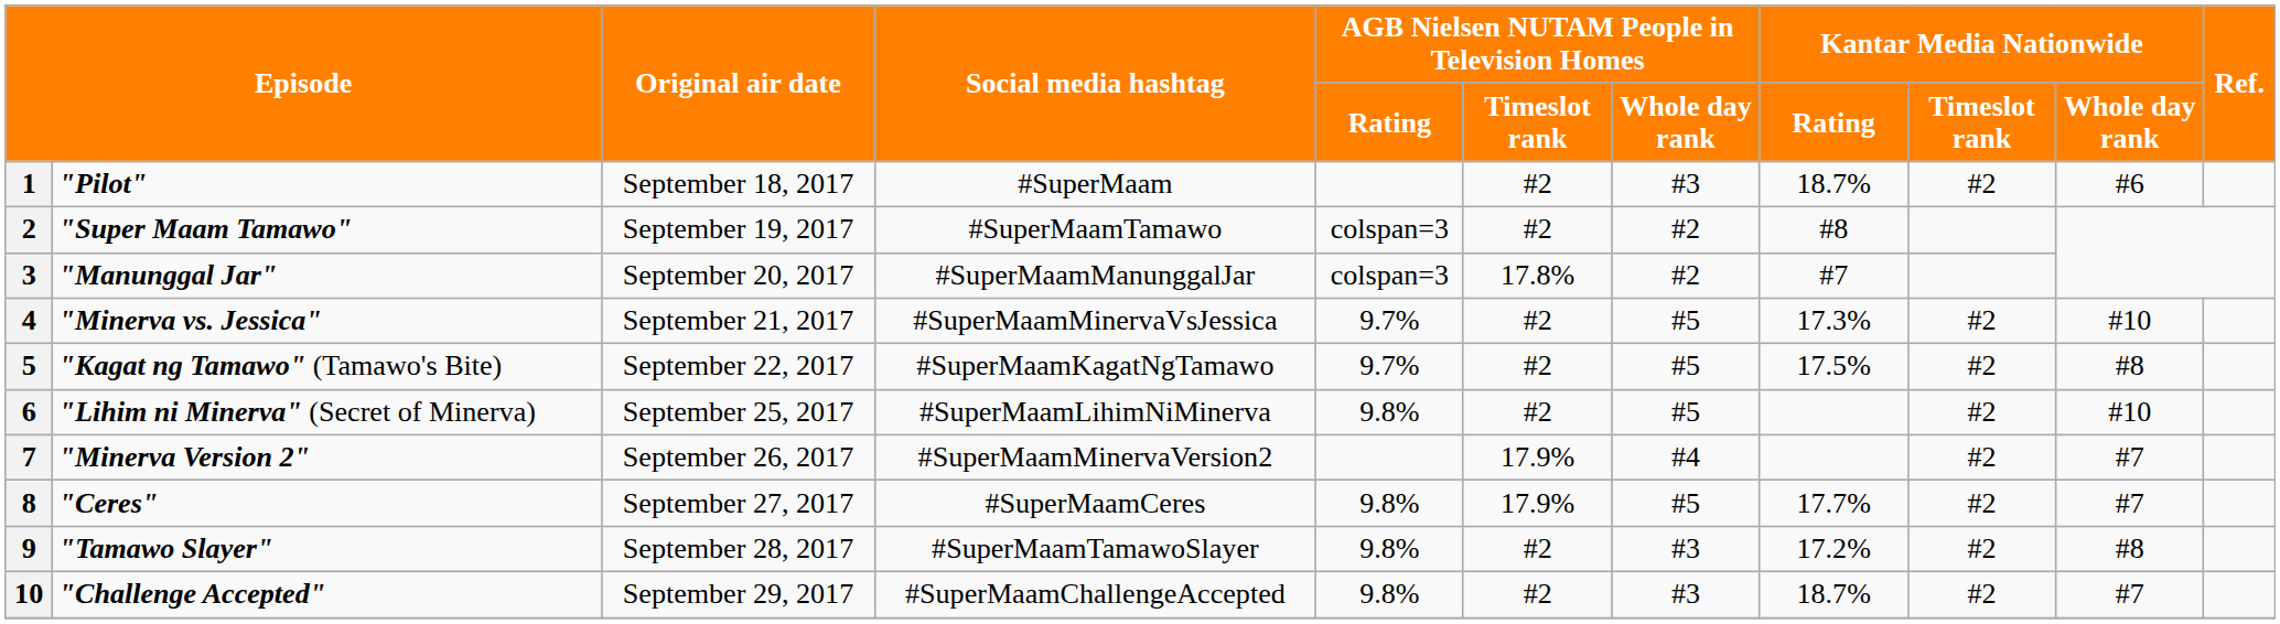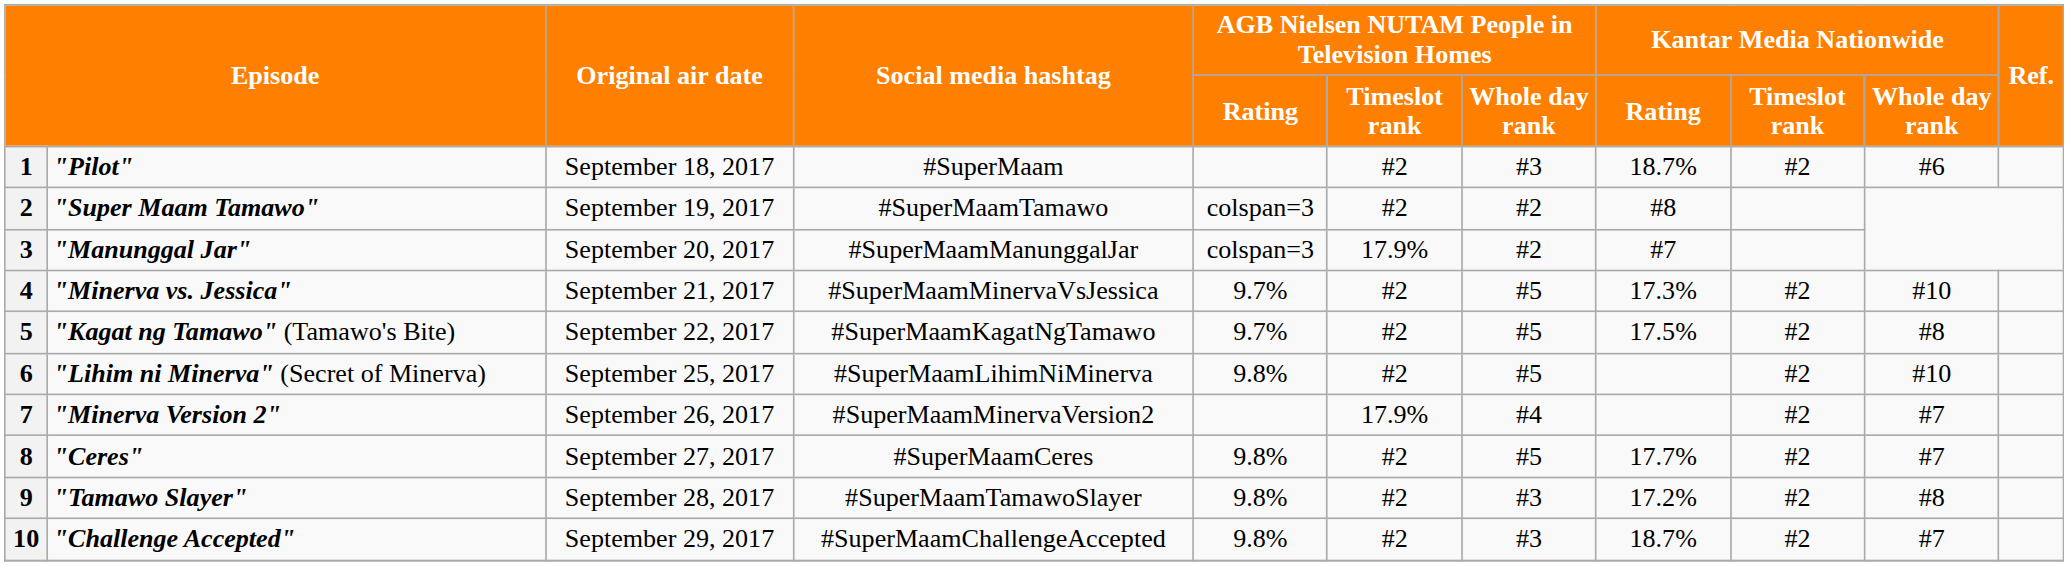 <table class="wikitable" style="text-align:center; font-size:100%; line-height:18px;" width="100%">
 <tr>
 <th style="background-color:#ff8000; color:#ffffff;" colspan="2" rowspan="2">Episode</th>
 <th style="background-color:#ff8000; color:white" rowspan="2">Original air date</th>
 <th style="background-color:#ff8000; color:white" rowspan="2">Social media hashtag</th>
 <th style="background-color:#ff8000; color:#ffffff;" colspan="3">AGB Nielsen NUTAM People in Television Homes</th>
 <th style="background-color:#ff8000; color:#ffffff;" colspan="3">Kantar Media Nationwide</th>
 <th style="background-color:#ff8000; color:#ffffff;" rowspan="2">Ref.</th>
 </tr>
 <tr>
 <th style="background-color:#ff8000; width:75px; color:#ffffff;">Rating</th>
 <th style="background-color:#ff8000; width:75px; color:#ffffff;">Timeslot<br>rank</th>
 <th style="background-color:#ff8000; width:75px; color:#ffffff;">Whole day<br>rank</th>
 <th style="background-color:#ff8000; width:75px; color:#ffffff;">Rating</th>
 <th style="background-color:#ff8000; width:75px; color:#ffffff;">Timeslot<br>rank</th>
 <th style="background-color:#ff8000; width:75px; color:#ffffff;">Whole day<br>rank</th>
 </tr>
 <tr>
 <th>1</th>
 <td style="text-align: left;"><strong><em>"Pilot"</em></strong></td>
 <td>September 18, 2017</td>
 <td>#SuperMaam</td>
 <td></td>
 <td>#2</td>
 <td>#3</td>
 <td>18.7%</td>
 <td>#2</td>
 <td>#6</td>
 <td></td>
 </tr>
 <tr>
 <th>2</th>
 <td style="text-align: left;"><strong><em>"Super Maam Tamawo"</em></strong></td>
 <td>September 19, 2017</td>
 <td>#SuperMaamTamawo</td>
 <td>colspan=3 </td>
 <td>#2</td>
 <td>#2</td>
 <td>#8</td>
 <td></td>
 </tr>
 <tr>
 <th>3</th>
 <td style="text-align: left;"><strong><em>"Manunggal Jar"</em></strong></td>
 <td>September 20, 2017</td>
 <td>#SuperMaamManunggalJar</td>
 <td>colspan=3 </td>
-<td>17.8%</td>
+<td>17.9%</td>
 <td>#2</td>
 <td>#7</td>
 <td></td>
 </tr>
 <tr>
 <th>4</th>
 <td style="text-align: left;"><strong><em>"Minerva vs. Jessica"</em></strong></td>
 <td>September 21, 2017</td>
 <td>#SuperMaamMinervaVsJessica</td>
 <td>9.7%</td>
 <td>#2</td>
 <td>#5</td>
 <td>17.3%</td>
 <td>#2</td>
 <td>#10</td>
 <td></td>
 </tr>
 <tr>
 <th>5</th>
 <td style="text-align: left;"><strong><em>"Kagat ng Tamawo"</em></strong> (Tamawo's Bite)</td>
 <td>September 22, 2017</td>
 <td>#SuperMaamKagatNgTamawo</td>
 <td>9.7%</td>
 <td>#2</td>
 <td>#5</td>
 <td>17.5%</td>
 <td>#2</td>
 <td>#8</td>
 <td></td>
 </tr>
 <tr>
 <th>6</th>
 <td style="text-align: left;"><strong><em>"Lihim ni Minerva"</em></strong> (Secret of Minerva)</td>
 <td>September 25, 2017</td>
 <td>#SuperMaamLihimNiMinerva</td>
 <td>9.8%</td>
 <td>#2</td>
 <td>#5</td>
 <td></td>
 <td>#2</td>
 <td>#10</td>
 <td></td>
 </tr>
 <tr>
 <th>7</th>
 <td style="text-align: left;"><strong><em>"Minerva Version 2"</em></strong></td>
 <td>September 26, 2017</td>
 <td>#SuperMaamMinervaVersion2</td>
 <td></td>
 <td>17.9%</td>
 <td>#4</td>
 <td></td>
 <td>#2</td>
 <td>#7</td>
 <td></td>
 </tr>
 <tr>
 <th>8</th>
 <td style="text-align: left;"><strong><em>"Ceres"</em></strong></td>
 <td>September 27, 2017</td>
 <td>#SuperMaamCeres</td>
 <td>9.8%</td>
-<td>17.9%</td>
+<td>#2</td>
 <td>#5</td>
 <td>17.7%</td>
 <td>#2</td>
 <td>#7</td>
 <td></td>
 </tr>
 <tr>
 <th>9</th>
 <td style="text-align: left;"><strong><em>"Tamawo Slayer"</em></strong></td>
 <td>September 28, 2017</td>
 <td>#SuperMaamTamawoSlayer</td>
 <td>9.8%</td>
 <td>#2</td>
 <td>#3</td>
 <td>17.2%</td>
 <td>#2</td>
 <td>#8</td>
 <td></td>
 </tr>
 <tr>
 <th>10</th>
 <td style="text-align: left;"><strong><em>"Challenge Accepted"</em></strong></td>
 <td>September 29, 2017</td>
 <td>#SuperMaamChallengeAccepted</td>
 <td>9.8%</td>
 <td>#2</td>
 <td>#3</td>
 <td>18.7%</td>
 <td>#2</td>
 <td>#7</td>
 <td></td>
 </tr>
 <tr>
 </tr>
 </table>
